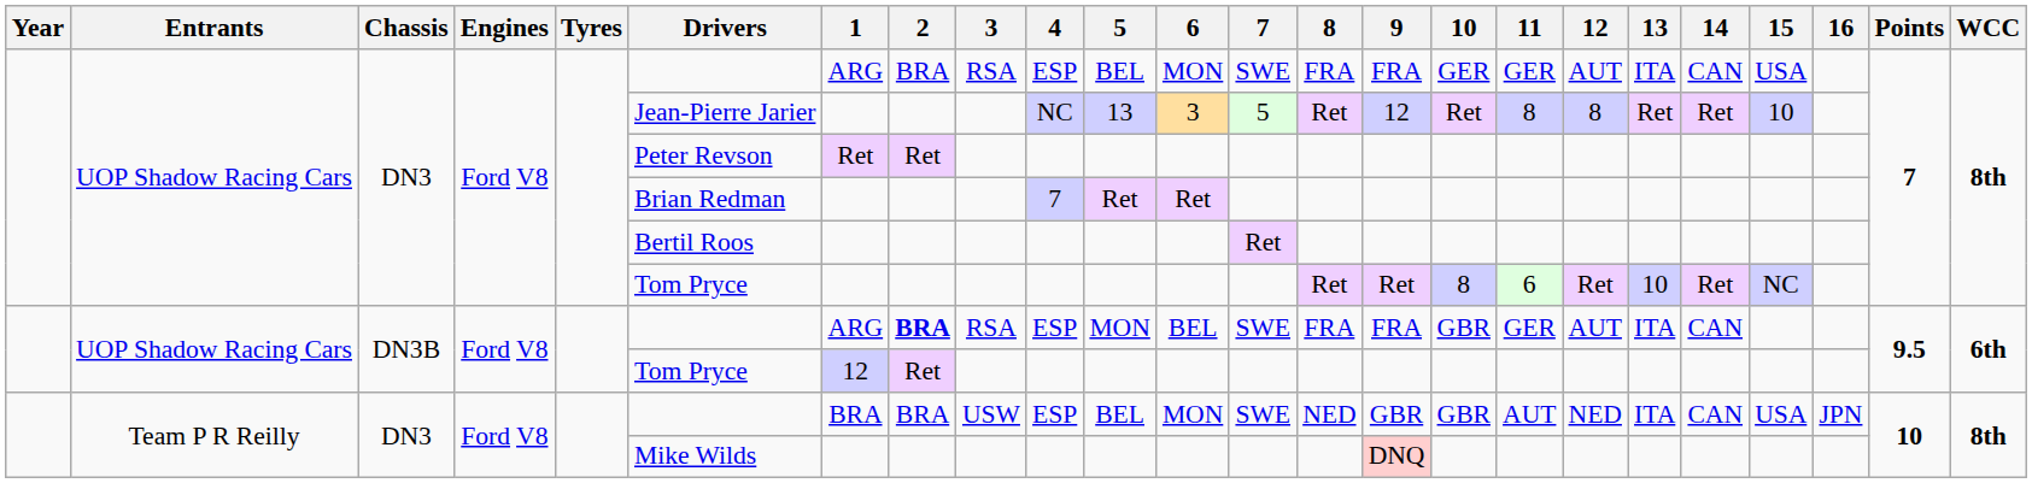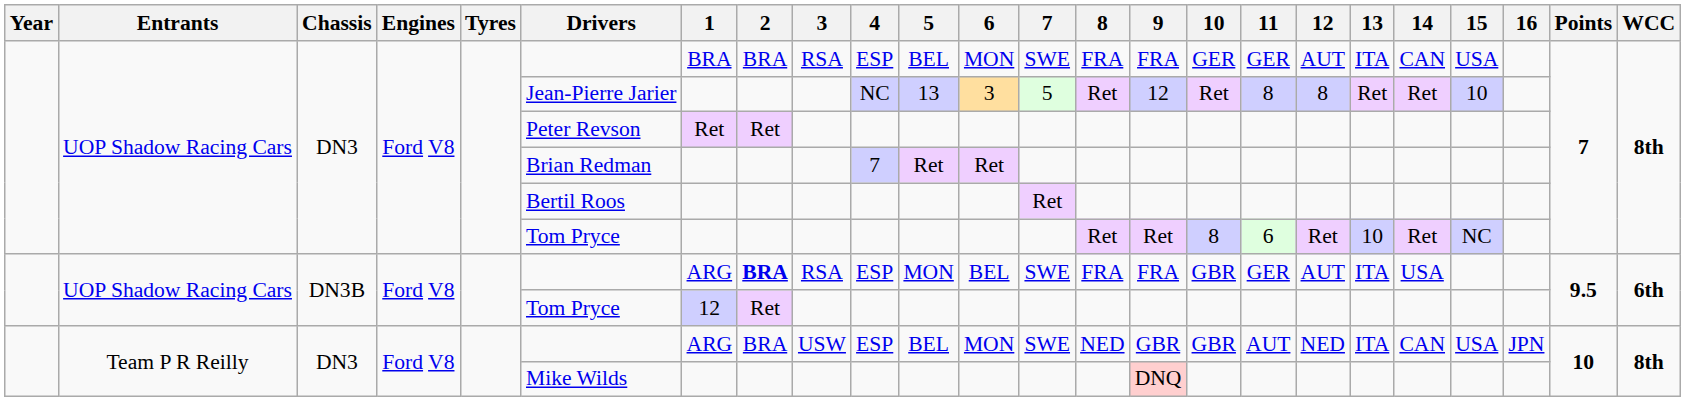 <table class="wikitable" style="text-align:center; font-size:90%">
 <tr>
 <th>Year</th>
 <th>Entrants</th>
 <th>Chassis</th>
 <th>Engines</th>
 <th>Tyres</th>
 <th>Drivers</th>
 <th>1</th>
 <th>2</th>
 <th>3</th>
 <th>4</th>
 <th>5</th>
 <th>6</th>
 <th>7</th>
 <th>8</th>
 <th>9</th>
 <th>10</th>
 <th>11</th>
 <th>12</th>
 <th>13</th>
 <th>14</th>
 <th>15</th>
 <th>16</th>
 <th>Points</th>
 <th>WCC</th>
 </tr>
 <tr>
 <td rowspan="6"></td>
 <td rowspan="6"><a href='#'>UOP Shadow Racing Cars</a></td>
 <td rowspan="6">DN3</td>
 <td rowspan="6"><a href='#'>Ford</a> <a href='#'>V8</a></td>
 <td rowspan="6"></td>
 <td></td>
-<td><a href='#'>ARG</a></td>
+<td><a href='#'>BRA</a></td>
 <td><a href='#'>BRA</a></td>
 <td><a href='#'>RSA</a></td>
 <td><a href='#'>ESP</a></td>
 <td><a href='#'>BEL</a></td>
 <td><a href='#'>MON</a></td>
 <td><a href='#'>SWE</a></td>
 <td><a href='#'>FRA</a></td>
 <td><a href='#'>FRA</a></td>
 <td><a href='#'>GER</a></td>
 <td><a href='#'>GER</a></td>
 <td><a href='#'>AUT</a></td>
 <td><a href='#'>ITA</a></td>
 <td><a href='#'>CAN</a></td>
 <td><a href='#'>USA</a></td>
 <td></td>
 <td rowspan="6"><strong>7</strong></td>
 <td rowspan="6"><strong>8th</strong></td>
 </tr>
 <tr>
 <td align="left"><a href='#'>Jean-Pierre Jarier</a></td>
 <td></td>
 <td></td>
 <td></td>
 <td style="background:#CFCFFF;">NC</td>
 <td style="background:#CFCFFF;">13</td>
 <td style="background:#FFDF9F;">3</td>
 <td style="background:#DFFFDF;">5</td>
 <td style="background:#EFCFFF;">Ret</td>
 <td style="background:#CFCFFF;">12</td>
 <td style="background:#EFCFFF;">Ret</td>
 <td style="background:#CFCFFF;">8</td>
 <td style="background:#CFCFFF;">8</td>
 <td style="background:#EFCFFF;">Ret</td>
 <td style="background:#EFCFFF;">Ret</td>
 <td style="background:#CFCFFF;">10</td>
 <td></td>
 </tr>
 <tr>
 <td align="left"><a href='#'>Peter Revson</a></td>
 <td style="background:#EFCFFF;">Ret</td>
 <td style="background:#EFCFFF;">Ret</td>
 <td></td>
 <td></td>
 <td></td>
 <td></td>
 <td></td>
 <td></td>
 <td></td>
 <td></td>
 <td></td>
 <td></td>
 <td></td>
 <td></td>
 <td></td>
 <td></td>
 </tr>
 <tr>
 <td align="left"><a href='#'>Brian Redman</a></td>
 <td></td>
 <td></td>
 <td></td>
 <td style="background:#CFCFFF;">7</td>
 <td style="background:#EFCFFF;">Ret</td>
 <td style="background:#EFCFFF;">Ret</td>
 <td></td>
 <td></td>
 <td></td>
 <td></td>
 <td></td>
 <td></td>
 <td></td>
 <td></td>
 <td></td>
 <td></td>
 </tr>
 <tr>
 <td align="left"><a href='#'>Bertil Roos</a></td>
 <td></td>
 <td></td>
 <td></td>
 <td></td>
 <td></td>
 <td></td>
 <td style="background:#EFCFFF;">Ret</td>
 <td></td>
 <td></td>
 <td></td>
 <td></td>
 <td></td>
 <td></td>
 <td></td>
 <td></td>
 <td></td>
 </tr>
 <tr>
 <td align="left"><a href='#'>Tom Pryce</a></td>
 <td></td>
 <td></td>
 <td></td>
 <td></td>
 <td></td>
 <td></td>
 <td></td>
 <td style="background:#EFCFFF;">Ret</td>
 <td style="background:#EFCFFF;">Ret</td>
 <td style="background:#CFCFFF;">8</td>
 <td style="background:#DFFFDF;">6</td>
 <td style="background:#EFCFFF;">Ret</td>
 <td style="background:#CFCFFF;">10</td>
 <td style="background:#EFCFFF;">Ret</td>
 <td style="background:#CFCFFF;">NC</td>
 <td></td>
 </tr>
 <tr>
 <td rowspan="2"></td>
 <td rowspan="2"><a href='#'>UOP Shadow Racing Cars</a></td>
 <td rowspan="2">DN3B</td>
 <td rowspan="2"><a href='#'>Ford</a> <a href='#'>V8</a></td>
 <td rowspan="2"></td>
 <td></td>
 <td><a href='#'>ARG</a></td>
 <td><strong><a href='#'>BRA</a></strong></td>
 <td><a href='#'>RSA</a></td>
 <td><a href='#'>ESP</a></td>
 <td><a href='#'>MON</a></td>
 <td><a href='#'>BEL</a></td>
 <td><a href='#'>SWE</a></td>
 <td><a href='#'>FRA</a></td>
 <td><a href='#'>FRA</a></td>
 <td><a href='#'>GBR</a></td>
 <td><a href='#'>GER</a></td>
 <td><a href='#'>AUT</a></td>
 <td><a href='#'>ITA</a></td>
-<td><a href='#'>CAN</a></td>
+<td><a href='#'>USA</a></td>
 <td></td>
 <td></td>
 <td rowspan="2"><strong>9.5</strong></td>
 <td rowspan="2"><strong>6th</strong></td>
 </tr>
 <tr>
 <td align="left"><a href='#'>Tom Pryce</a></td>
 <td style="background:#CFCFFF;">12</td>
 <td style="background:#EFCFFF;">Ret</td>
 <td></td>
 <td></td>
 <td></td>
 <td></td>
 <td></td>
 <td></td>
 <td></td>
 <td></td>
 <td></td>
 <td></td>
 <td></td>
 <td></td>
 <td></td>
 <td></td>
 </tr>
 <tr>
 <td rowspan="2"></td>
 <td rowspan="2">Team P R Reilly</td>
 <td rowspan="2">DN3</td>
 <td rowspan="2"><a href='#'>Ford</a> <a href='#'>V8</a></td>
 <td rowspan="2"></td>
 <td></td>
-<td><a href='#'>BRA</a></td>
+<td><a href='#'>ARG</a></td>
 <td><a href='#'>BRA</a></td>
 <td><a href='#'>USW</a></td>
 <td><a href='#'>ESP</a></td>
 <td><a href='#'>BEL</a></td>
 <td><a href='#'>MON</a></td>
 <td><a href='#'>SWE</a></td>
 <td><a href='#'>NED</a></td>
 <td><a href='#'>GBR</a></td>
 <td><a href='#'>GBR</a></td>
 <td><a href='#'>AUT</a></td>
 <td><a href='#'>NED</a></td>
 <td><a href='#'>ITA</a></td>
 <td><a href='#'>CAN</a></td>
 <td><a href='#'>USA</a></td>
 <td><a href='#'>JPN</a></td>
 <td rowspan="2"><strong>10</strong></td>
 <td rowspan="2"><strong>8th</strong></td>
 </tr>
 <tr>
 <td align="left"><a href='#'>Mike Wilds</a></td>
 <td></td>
 <td></td>
 <td></td>
 <td></td>
 <td></td>
 <td></td>
 <td></td>
 <td></td>
 <td style="background:#FFCFCF;">DNQ</td>
 <td></td>
 <td></td>
 <td></td>
 <td></td>
 <td></td>
 <td></td>
 <td></td>
 </tr>
 </table>
